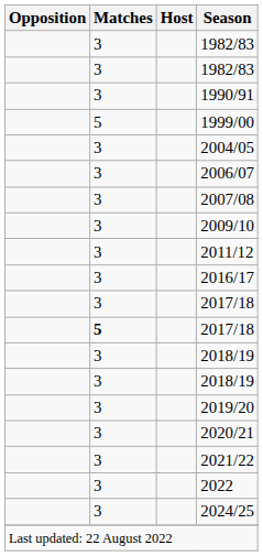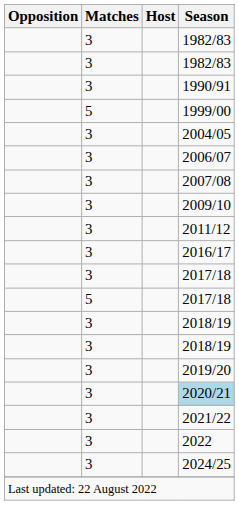 <table class="wikitable plainrowheaders sortable">
 <tr>
 <th scope=col>Opposition</th>
 <th scope=col style="text-align:center">Matches</th>
 <th scope=col>Host</th>
 <th scope=col style="text-align:center">Season</th>
 </tr>
 <tr>
 <td></td>
 <td>3</td>
 <td></td>
 <td>1982/83</td>
 </tr>
 <tr>
 <td></td>
 <td>3</td>
 <td></td>
 <td>1982/83</td>
 </tr>
 <tr>
 <td></td>
 <td>3</td>
 <td></td>
 <td>1990/91</td>
 </tr>
 <tr>
 <td></td>
 <td>5</td>
 <td></td>
 <td>1999/00</td>
 </tr>
 <tr>
 <td></td>
 <td>3</td>
 <td></td>
 <td>2004/05</td>
 </tr>
 <tr>
 <td></td>
 <td>3</td>
 <td></td>
 <td>2006/07</td>
 </tr>
 <tr>
 <td></td>
 <td>3</td>
 <td></td>
 <td>2007/08</td>
 </tr>
 <tr>
 <td></td>
 <td>3</td>
 <td></td>
 <td>2009/10</td>
 </tr>
 <tr>
 <td></td>
 <td>3</td>
 <td></td>
 <td>2011/12</td>
 </tr>
 <tr>
 <td></td>
 <td>3</td>
 <td></td>
 <td>2016/17</td>
 </tr>
 <tr>
 <td></td>
 <td>3</td>
 <td></td>
 <td>2017/18</td>
 </tr>
 <tr>
 <td></td>
-<td><strong>5</strong></td>
+<td>5</td>
 <td></td>
 <td>2017/18</td>
 </tr>
 <tr>
 <td></td>
 <td>3</td>
 <td></td>
 <td>2018/19</td>
 </tr>
 <tr>
 <td></td>
 <td>3</td>
 <td></td>
 <td>2018/19</td>
 </tr>
 <tr>
 <td></td>
 <td>3</td>
 <td></td>
 <td>2019/20</td>
 </tr>
 <tr>
 <td></td>
 <td>3</td>
 <td></td>
-<td>2020/21</td>
+<td style="background: lightblue;">2020/21</td>
 </tr>
 <tr>
 <td></td>
 <td>3</td>
 <td></td>
 <td>2021/22</td>
 </tr>
 <tr>
 <td></td>
 <td>3</td>
 <td></td>
 <td>2022</td>
 </tr>
 <tr>
 <td></td>
 <td>3</td>
 <td></td>
 <td>2024/25</td>
 </tr>
 <tr>
 </tr>
 <tr class=sortbottom>
 <td colspan=5><small>Last updated: 22 August 2022</small></td>
 </tr>
 </table>
